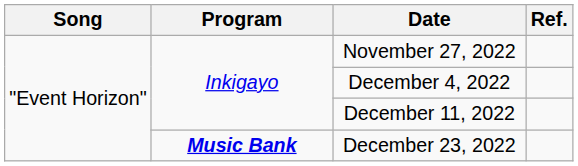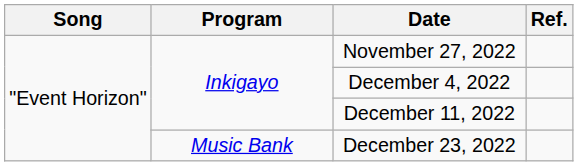 <table class="wikitable" style="text-align:center">
 <tr>
 <th>Song</th>
 <th width="140">Program</th>
 <th width="150">Date</th>
 <th>Ref.</th>
 </tr>
 <tr>
 <td rowspan="4">"Event Horizon"</td>
 <td rowspan="3"><em><a href='#'>Inkigayo</a></em></td>
 <td>November 27, 2022</td>
 <td></td>
 </tr>
 <tr>
 <td>December 4, 2022</td>
 <td></td>
 </tr>
 <tr>
 <td>December 11, 2022</td>
 <td></td>
 </tr>
 <tr>
-<td><strong><em><a href='#'>Music Bank</a></em></strong></td>
+<td><em><a href='#'>Music Bank</a></em></td>
 <td>December 23, 2022</td>
 <td></td>
 </tr>
 </table>
